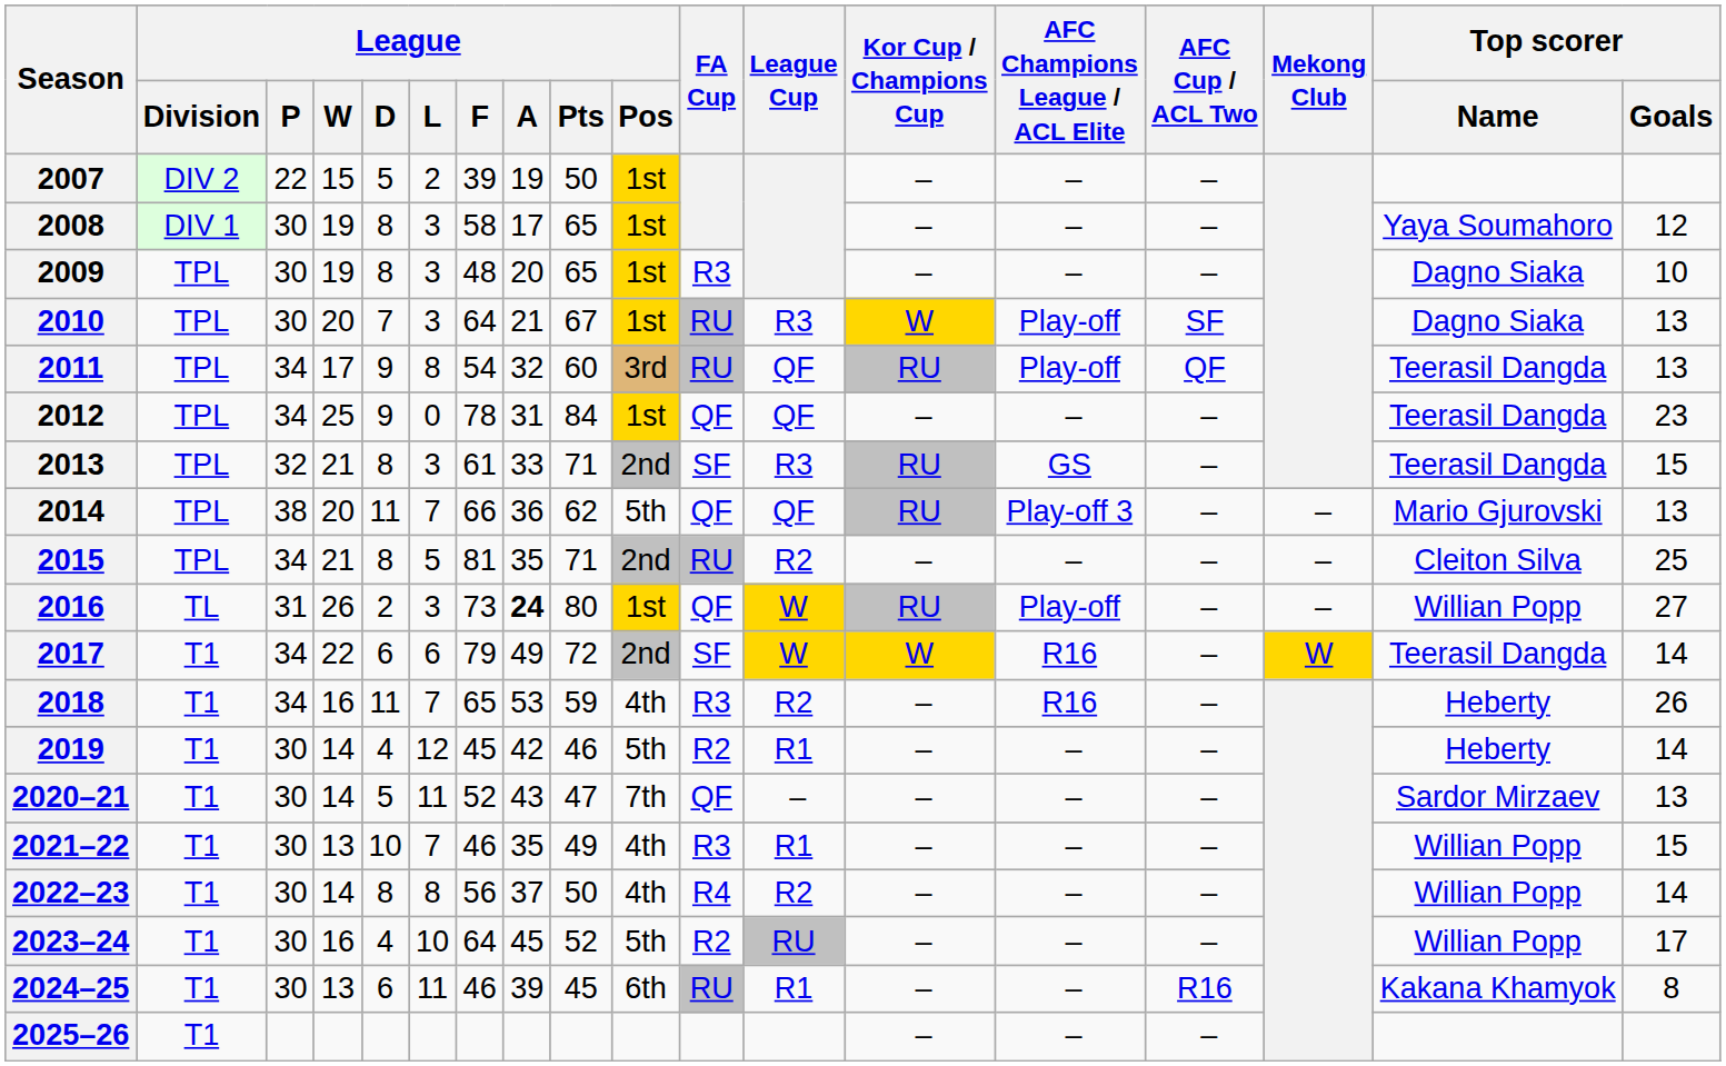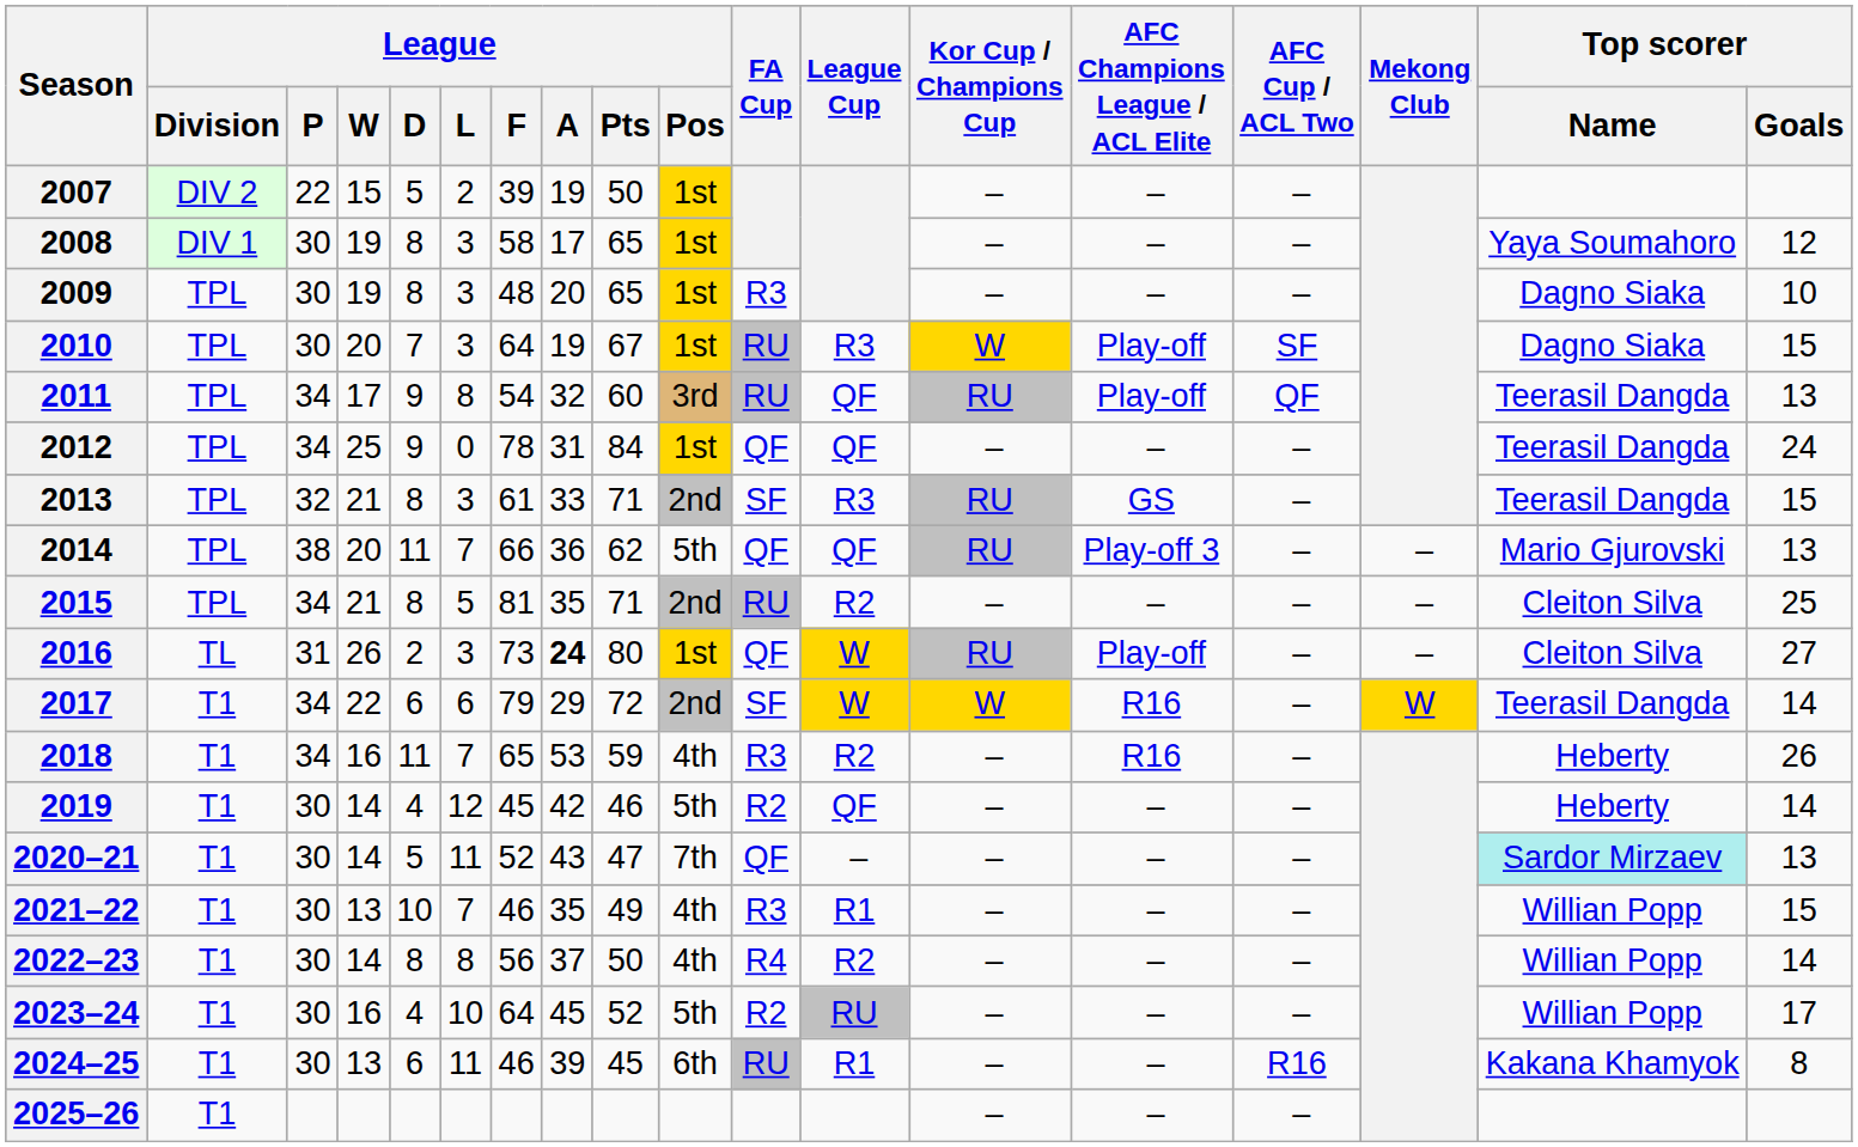 <table class="wikitable" style="text-align: center">
 <tr>
 <th rowspan=2>Season</th>
 <th colspan=9><a href='#'>League</a></th>
 <th rowspan=2><small><a href='#'>FA<br>Cup</a></small></th>
 <th rowspan=2><small><a href='#'>League<br>Cup</a></small></th>
 <th rowspan=2><small><a href='#'>Kor Cup</a> /<br><a href='#'>Champions<br>Cup</a></small></th>
 <th rowspan=2><small><a href='#'>AFC<br>Champions<br>League</a> /<br><a href='#'>ACL Elite</a></small></th>
 <th rowspan=2><small><a href='#'>AFC<br>Cup</a> /<br><a href='#'>ACL Two</a></small></th>
 <th rowspan=2><small><a href='#'>Mekong<br>Club</a></small></th>
 <th colspan=2>Top scorer</th>
 </tr>
 <tr>
 <th>Division</th>
 <th>P</th>
 <th>W</th>
 <th>D</th>
 <th>L</th>
 <th>F</th>
 <th>A</th>
 <th>Pts</th>
 <th>Pos</th>
 <th>Name</th>
 <th>Goals</th>
 </tr>
 <tr>
 <th>2007</th>
 <td style="background:#dfd;"><a href='#'>DIV 2</a></td>
 <td>22</td>
 <td>15</td>
 <td>5</td>
 <td>2</td>
 <td>39</td>
 <td>19</td>
 <td>50</td>
 <td bgcolor=Gold>1st</td>
 <th rowspan="2"></th>
 <th rowspan="3"></th>
 <td> –</td>
 <td> –</td>
 <td> –</td>
 <th rowspan="7"></th>
 <td></td>
 <td></td>
 </tr>
 <tr>
 <th>2008</th>
 <td style="background:#dfd;"><a href='#'>DIV 1</a></td>
 <td>30</td>
 <td>19</td>
 <td>8</td>
 <td>3</td>
 <td>58</td>
 <td>17</td>
 <td>65</td>
 <td bgcolor=Gold>1st</td>
 <td> –</td>
 <td> –</td>
 <td> –</td>
 <td align=center><a href='#'>Yaya Soumahoro</a></td>
 <td>12</td>
 </tr>
 <tr>
 <th>2009</th>
 <td><a href='#'>TPL</a></td>
 <td>30</td>
 <td>19</td>
 <td>8</td>
 <td>3</td>
 <td>48</td>
 <td>20</td>
 <td>65</td>
 <td bgcolor=Gold>1st</td>
 <td><a href='#'>R3</a></td>
 <td> –</td>
 <td> –</td>
 <td> –</td>
 <td align=center><a href='#'>Dagno Siaka</a></td>
 <td>10</td>
 </tr>
 <tr>
 <th><a href='#'>2010</a></th>
 <td><a href='#'>TPL</a></td>
 <td>30</td>
 <td>20</td>
 <td>7</td>
 <td>3</td>
 <td>64</td>
-<td>21</td>
+<td>19</td>
 <td>67</td>
 <td bgcolor=Gold>1st</td>
 <td style="background:silver;"><a href='#'>RU</a></td>
 <td><a href='#'>R3</a></td>
 <td bgcolor=Gold><a href='#'>W</a></td>
 <td><a href='#'>Play-off</a></td>
 <td><a href='#'>SF</a></td>
 <td align=center><a href='#'>Dagno Siaka</a></td>
-<td>13</td>
+<td>15</td>
 </tr>
 <tr>
 <th><a href='#'>2011</a></th>
 <td><a href='#'>TPL</a></td>
 <td>34</td>
 <td>17</td>
 <td>9</td>
 <td>8</td>
 <td>54</td>
 <td>32</td>
 <td>60</td>
 <td style="background:#deb678;">3rd</td>
 <td style="background:silver;"><a href='#'>RU</a></td>
 <td><a href='#'>QF</a></td>
 <td style="background:Silver;"><a href='#'>RU</a></td>
 <td><a href='#'>Play-off</a></td>
 <td><a href='#'>QF</a></td>
 <td align=center><a href='#'>Teerasil Dangda</a></td>
 <td>13</td>
 </tr>
 <tr>
 <th>2012</th>
 <td><a href='#'>TPL</a></td>
 <td>34</td>
 <td>25</td>
 <td>9</td>
 <td>0</td>
 <td>78</td>
 <td>31</td>
 <td>84</td>
 <td bgcolor=Gold>1st</td>
 <td><a href='#'>QF</a></td>
 <td><a href='#'>QF</a></td>
 <td> –</td>
 <td> –</td>
 <td> –</td>
 <td align=center><a href='#'>Teerasil Dangda</a></td>
-<td>23</td>
+<td>24</td>
 </tr>
 <tr>
 <th>2013</th>
 <td><a href='#'>TPL</a></td>
 <td>32</td>
 <td>21</td>
 <td>8</td>
 <td>3</td>
 <td>61</td>
 <td>33</td>
 <td>71</td>
 <td style="background:silver;">2nd</td>
 <td><a href='#'>SF</a></td>
 <td><a href='#'>R3</a></td>
 <td style="background:Silver;"><a href='#'>RU</a></td>
 <td><a href='#'>GS</a></td>
 <td> –</td>
 <td align=center><a href='#'>Teerasil Dangda</a></td>
 <td>15</td>
 </tr>
 <tr>
 <th>2014</th>
 <td><a href='#'>TPL</a></td>
 <td>38</td>
 <td>20</td>
 <td>11</td>
 <td>7</td>
 <td>66</td>
 <td>36</td>
 <td>62</td>
 <td>5th</td>
 <td><a href='#'>QF</a></td>
 <td><a href='#'>QF</a></td>
 <td style="background:Silver;"><a href='#'>RU</a></td>
 <td><a href='#'>Play-off 3</a></td>
 <td> –</td>
 <td> –</td>
 <td align=center><a href='#'>Mario Gjurovski</a></td>
 <td>13</td>
 </tr>
 <tr>
 <th><a href='#'>2015</a></th>
 <td><a href='#'>TPL</a></td>
 <td>34</td>
 <td>21</td>
 <td>8</td>
 <td>5</td>
 <td>81</td>
 <td>35</td>
 <td>71</td>
 <td style="background:silver;">2nd</td>
 <td style="background:silver;"><a href='#'>RU</a></td>
 <td><a href='#'>R2</a></td>
 <td> –</td>
 <td> –</td>
 <td> –</td>
 <td> –</td>
 <td align=center><a href='#'>Cleiton Silva</a></td>
 <td>25</td>
 </tr>
 <tr>
 <th><a href='#'>2016</a></th>
 <td><a href='#'>TL</a></td>
 <td>31</td>
 <td>26</td>
 <td>2</td>
 <td>3</td>
 <td>73</td>
 <td><strong>24</strong></td>
 <td>80</td>
 <td style="background:gold;">1st</td>
 <td><a href='#'>QF</a></td>
 <td style="background:gold;"><a href='#'>W</a></td>
 <td style="background:Silver;"><a href='#'>RU</a></td>
 <td><a href='#'>Play-off</a></td>
 <td> –</td>
 <td> –</td>
-<td><a href='#'>Willian Popp</a></td>
+<td align=center><a href='#'>Cleiton Silva</a></td>
 <td>27</td>
 </tr>
 <tr>
 <th><a href='#'>2017</a></th>
 <td><a href='#'>T1</a></td>
 <td>34</td>
 <td>22</td>
 <td>6</td>
 <td>6</td>
 <td>79</td>
-<td>49</td>
+<td>29</td>
 <td>72</td>
 <td style="background:silver;">2nd</td>
 <td><a href='#'>SF</a></td>
 <td style="background:gold;"><a href='#'>W</a></td>
 <td style="background:gold;"><a href='#'>W</a></td>
 <td><a href='#'>R16</a></td>
 <td> –</td>
 <td style="background:gold;"><a href='#'>W</a></td>
 <td align=center><a href='#'>Teerasil Dangda</a></td>
 <td>14</td>
 </tr>
 <tr>
 <th><a href='#'>2018</a></th>
 <td><a href='#'>T1</a></td>
 <td>34</td>
 <td>16</td>
 <td>11</td>
 <td>7</td>
 <td>65</td>
 <td>53</td>
 <td>59</td>
 <td>4th</td>
 <td><a href='#'>R3</a></td>
 <td><a href='#'>R2</a></td>
 <td> –</td>
 <td><a href='#'>R16</a></td>
 <td> –</td>
 <th rowspan="8"></th>
 <td><a href='#'>Heberty</a></td>
 <td>26</td>
 </tr>
 <tr>
 <th><a href='#'>2019</a></th>
 <td><a href='#'>T1</a></td>
 <td>30</td>
 <td>14</td>
 <td>4</td>
 <td>12</td>
 <td>45</td>
 <td>42</td>
 <td>46</td>
 <td>5th</td>
 <td><a href='#'>R2</a></td>
-<td><a href='#'>R1</a></td>
+<td><a href='#'>QF</a></td>
 <td> –</td>
 <td> –</td>
 <td> –</td>
 <td><a href='#'>Heberty</a></td>
 <td>14</td>
 </tr>
 <tr>
 <th><a href='#'>2020–21</a></th>
 <td><a href='#'>T1</a></td>
 <td>30</td>
 <td>14</td>
 <td>5</td>
 <td>11</td>
 <td>52</td>
 <td>43</td>
 <td>47</td>
 <td>7th</td>
 <td><a href='#'>QF</a></td>
 <td> –</td>
 <td> –</td>
 <td> –</td>
 <td> –</td>
-<td><a href='#'>Sardor Mirzaev</a></td>
+<td style="background: paleturquoise;"><a href='#'>Sardor Mirzaev</a></td>
 <td>13</td>
 </tr>
 <tr>
 <th><a href='#'>2021–22</a></th>
 <td><a href='#'>T1</a></td>
 <td>30</td>
 <td>13</td>
 <td>10</td>
 <td>7</td>
 <td>46</td>
 <td>35</td>
 <td>49</td>
 <td>4th</td>
 <td><a href='#'>R3</a></td>
 <td><a href='#'>R1</a></td>
 <td> –</td>
 <td> –</td>
 <td> –</td>
 <td><a href='#'>Willian Popp</a></td>
 <td>15</td>
 </tr>
 <tr>
 <th><a href='#'>2022–23</a></th>
 <td><a href='#'>T1</a></td>
 <td>30</td>
 <td>14</td>
 <td>8</td>
 <td>8</td>
 <td>56</td>
 <td>37</td>
 <td>50</td>
 <td>4th</td>
 <td><a href='#'>R4</a></td>
 <td><a href='#'>R2</a></td>
 <td> –</td>
 <td> –</td>
 <td> –</td>
 <td><a href='#'>Willian Popp</a></td>
 <td>14</td>
 </tr>
 <tr>
 <th><a href='#'>2023–24</a></th>
 <td><a href='#'>T1</a></td>
 <td>30</td>
 <td>16</td>
 <td>4</td>
 <td>10</td>
 <td>64</td>
 <td>45</td>
 <td>52</td>
 <td>5th</td>
 <td><a href='#'>R2</a></td>
 <td style="background:Silver;"><a href='#'>RU</a></td>
 <td> –</td>
 <td> –</td>
 <td> –</td>
 <td><a href='#'>Willian Popp</a></td>
 <td>17</td>
 </tr>
 <tr>
 <th><a href='#'>2024–25</a></th>
 <td><a href='#'>T1</a></td>
 <td>30</td>
 <td>13</td>
 <td>6</td>
 <td>11</td>
 <td>46</td>
 <td>39</td>
 <td>45</td>
 <td>6th</td>
 <td style="background:Silver;"><a href='#'>RU</a></td>
 <td><a href='#'>R1</a></td>
 <td> –</td>
 <td> –</td>
 <td><a href='#'>R16</a></td>
 <td><a href='#'>Kakana Khamyok</a></td>
 <td>8</td>
 </tr>
 <tr>
 <th><a href='#'>2025–26</a></th>
 <td><a href='#'>T1</a></td>
 <td></td>
 <td></td>
 <td></td>
 <td></td>
 <td></td>
 <td></td>
 <td></td>
 <td></td>
 <td></td>
 <td></td>
 <td> –</td>
 <td> –</td>
 <td> –</td>
 <td></td>
 <td></td>
 </tr>
 <tr>
 </tr>
 </table>
